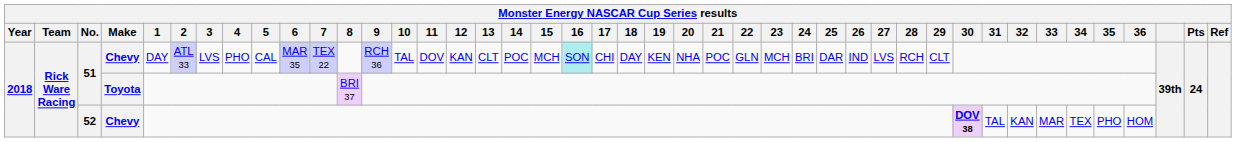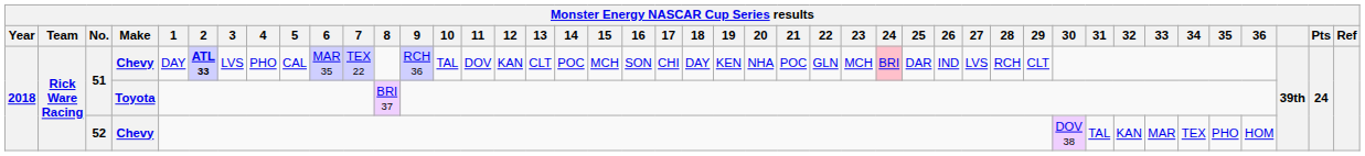 <table class="wikitable" style="text-align:center; font-size:75%">
 <tr>
 <th colspan=45><a href='#'>Monster Energy NASCAR Cup Series</a> results</th>
 </tr>
 <tr>
 <th>Year</th>
 <th>Team</th>
 <th>No.</th>
 <th>Make</th>
 <th>1</th>
 <th>2</th>
 <th>3</th>
 <th>4</th>
 <th>5</th>
 <th>6</th>
 <th>7</th>
 <th>8</th>
 <th>9</th>
 <th>10</th>
 <th>11</th>
 <th>12</th>
 <th>13</th>
 <th>14</th>
 <th>15</th>
 <th>16</th>
 <th>17</th>
 <th>18</th>
 <th>19</th>
 <th>20</th>
 <th>21</th>
 <th>22</th>
 <th>23</th>
 <th>24</th>
 <th>25</th>
 <th>26</th>
 <th>27</th>
 <th>28</th>
 <th>29</th>
 <th>30</th>
 <th>31</th>
 <th>32</th>
 <th>33</th>
 <th>34</th>
 <th>35</th>
 <th>36</th>
 <th></th>
 <th>Pts</th>
 <th>Ref</th>
 </tr>
 <tr>
 <th rowspan=3><a href='#'>2018</a></th>
 <th rowspan=3><a href='#'>Rick Ware Racing</a></th>
 <th rowspan=2>51</th>
 <th><a href='#'>Chevy</a></th>
 <td><a href='#'>DAY</a></td>
-<td style="background:#CFCFFF;"><a href='#'>ATL</a><br><small>33</small></td>
+<td style="background:#CFCFFF;"><strong><a href='#'>ATL</a><br><small>33</small></strong></td>
 <td><a href='#'>LVS</a></td>
 <td><a href='#'>PHO</a></td>
 <td><a href='#'>CAL</a></td>
 <td style="background:#CFCFFF;"><a href='#'>MAR</a><br><small>35</small></td>
 <td style="background:#CFCFFF;"><a href='#'>TEX</a><br><small>22</small></td>
 <td></td>
 <td style="background:#CFCFFF;"><a href='#'>RCH</a><br><small>36</small></td>
 <td><a href='#'>TAL</a></td>
 <td><a href='#'>DOV</a></td>
 <td><a href='#'>KAN</a></td>
 <td><a href='#'>CLT</a></td>
 <td><a href='#'>POC</a></td>
 <td><a href='#'>MCH</a></td>
-<td style="background: paleturquoise;"><a href='#'>SON</a></td>
+<td><a href='#'>SON</a></td>
 <td><a href='#'>CHI</a></td>
 <td><a href='#'>DAY</a></td>
 <td><a href='#'>KEN</a></td>
 <td><a href='#'>NHA</a></td>
 <td><a href='#'>POC</a></td>
 <td><a href='#'>GLN</a></td>
 <td><a href='#'>MCH</a></td>
-<td><a href='#'>BRI</a></td>
+<td style="background: pink;"><a href='#'>BRI</a></td>
 <td><a href='#'>DAR</a></td>
 <td><a href='#'>IND</a></td>
 <td><a href='#'>LVS</a></td>
 <td><a href='#'>RCH</a></td>
 <td><a href='#'>CLT</a></td>
 <td colspan=7></td>
 <th rowspan=3>39th</th>
 <th rowspan=3>24</th>
 <th rowspan=3></th>
 </tr>
 <tr>
 <th><a href='#'>Toyota</a></th>
 <td colspan=7></td>
 <td style="background:#EFCFFF;"><a href='#'>BRI</a><br><small>37</small></td>
 <td colspan=28></td>
 </tr>
 <tr>
 <th>52</th>
 <th><a href='#'>Chevy</a></th>
 <td colspan=29></td>
-<td style="background:#EFCFFF;"><strong><a href='#'>DOV</a><br><small>38</small></strong></td>
+<td style="background:#EFCFFF;"><a href='#'>DOV</a><br><small>38</small></td>
 <td><a href='#'>TAL</a></td>
 <td><a href='#'>KAN</a></td>
 <td><a href='#'>MAR</a></td>
 <td><a href='#'>TEX</a></td>
 <td><a href='#'>PHO</a></td>
 <td><a href='#'>HOM</a></td>
 </tr>
 </table>
